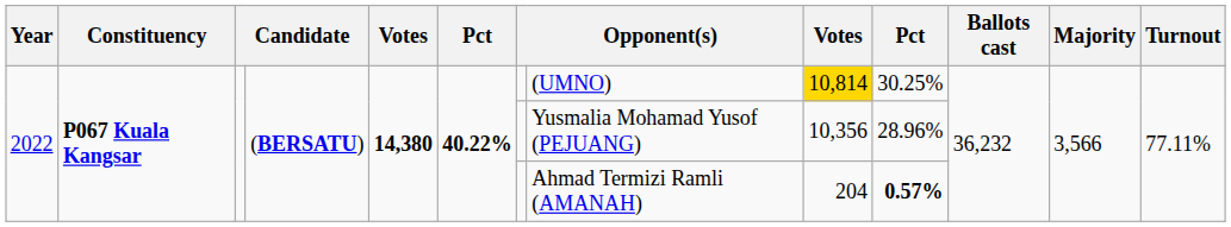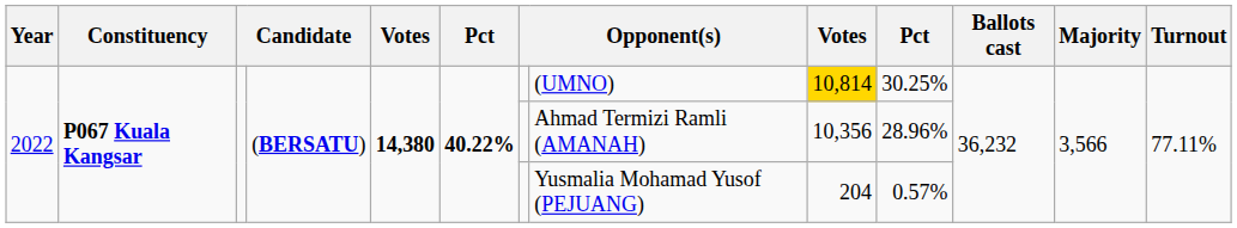 <table class="wikitable" style="margin:0.5em ; font-size:95%">
 <tr>
 <th>Year</th>
 <th>Constituency</th>
 <th colspan=2>Candidate</th>
 <th>Votes</th>
 <th>Pct</th>
 <th colspan=2>Opponent(s)</th>
 <th>Votes</th>
 <th>Pct</th>
 <th>Ballots cast</th>
 <th>Majority</th>
 <th>Turnout</th>
 </tr>
 <tr>
 <td rowspan=3><a href='#'>2022</a></td>
 <td rowspan=3><strong>P067 <a href='#'>Kuala Kangsar</a></strong></td>
 <td rowspan=3 bgcolor=></td>
 <td rowspan=3> (<a href='#'><strong>BERSATU</strong></a>)</td>
 <td rowspan=3 align=right><strong>14,380</strong></td>
 <td rowspan=3><strong>40.22%</strong></td>
 <td></td>
 <td> (<a href='#'>UMNO</a>)</td>
 <td align=right style="background: gold;">10,814</td>
 <td>30.25%</td>
 <td rowspan=3>36,232</td>
 <td rowspan=3>3,566</td>
 <td rowspan=3>77.11%</td>
 </tr>
 <tr>
 <td></td>
-<td>Yusmalia Mohamad Yusof (<a href='#'>PEJUANG</a>)</td>
+<td>Ahmad Termizi Ramli (<a href='#'>AMANAH</a>)</td>
 <td align=right>10,356</td>
 <td>28.96%</td>
 </tr>
 <tr>
 <td bgcolor=></td>
-<td>Ahmad Termizi Ramli (<a href='#'>AMANAH</a>)</td>
+<td>Yusmalia Mohamad Yusof (<a href='#'>PEJUANG</a>)</td>
 <td align=right>204</td>
-<td align=right><strong>0.57%</strong></td>
+<td align=right>0.57%</td>
 </tr>
 </table>
